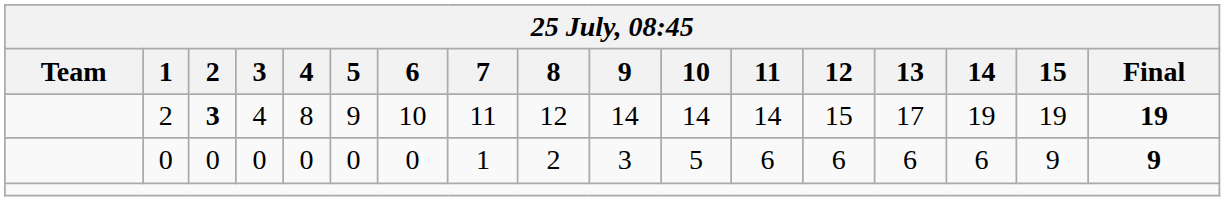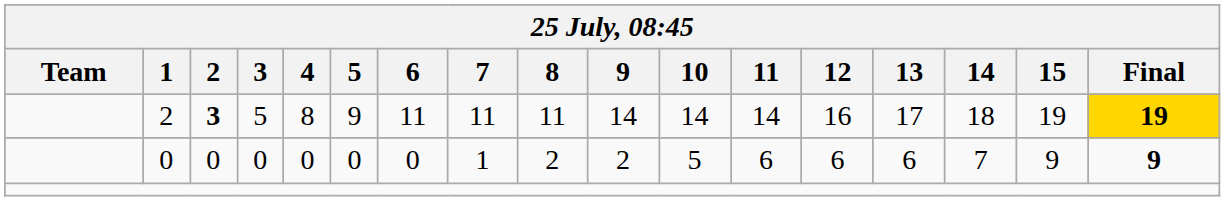 <table class=wikitable style="text-align:center; width: 55%">
 <tr>
 <th colspan=17><em>25 July, 08:45</em></th>
 </tr>
 <tr>
 <th>Team</th>
 <th>1</th>
 <th>2</th>
 <th>3</th>
 <th>4</th>
 <th>5</th>
 <th>6</th>
 <th>7</th>
 <th>8</th>
 <th>9</th>
 <th>10</th>
 <th>11</th>
 <th>12</th>
 <th>13</th>
 <th>14</th>
 <th>15</th>
 <th>Final</th>
 </tr>
 <tr>
 <td align=left><strong></strong></td>
 <td>2</td>
 <td><strong>3</strong></td>
-<td>4</td>
+<td>5</td>
 <td>8</td>
 <td>9</td>
-<td>10</td>
 <td>11</td>
-<td>12</td>
+<td>11</td>
+<td>11</td>
 <td>14</td>
 <td>14</td>
 <td>14</td>
-<td>15</td>
+<td>16</td>
 <td>17</td>
+<td>18</td>
 <td>19</td>
-<td>19</td>
-<td><strong>19</strong></td>
+<td style="background: gold;"><strong>19</strong></td>
 </tr>
 <tr>
 <td align=left></td>
 <td>0</td>
 <td>0</td>
 <td>0</td>
 <td>0</td>
 <td>0</td>
 <td>0</td>
 <td>1</td>
 <td>2</td>
-<td>3</td>
+<td>2</td>
 <td>5</td>
 <td>6</td>
 <td>6</td>
 <td>6</td>
-<td>6</td>
+<td>7</td>
 <td>9</td>
 <td><strong>9</strong></td>
 </tr>
 <tr>
 <td colspan=17></td>
 </tr>
 </table>
